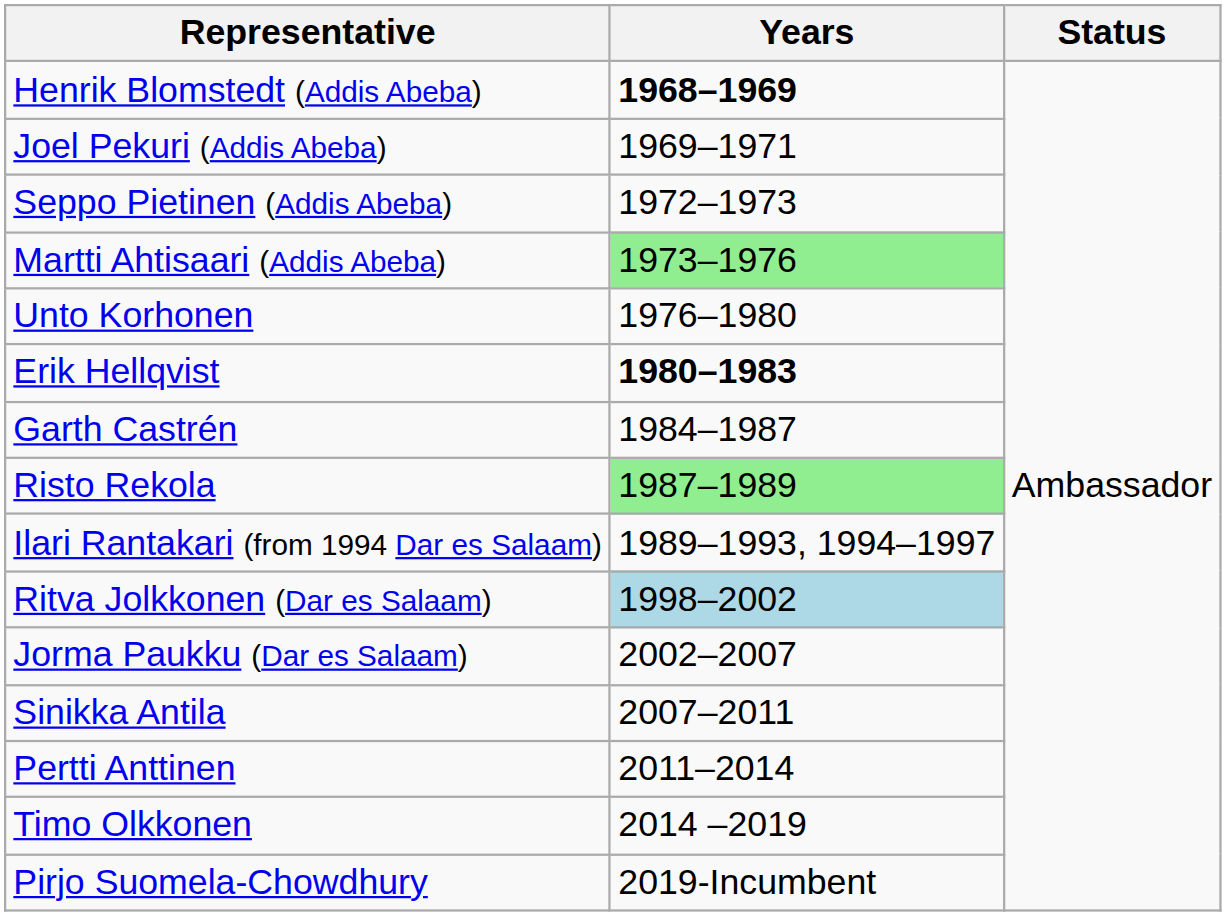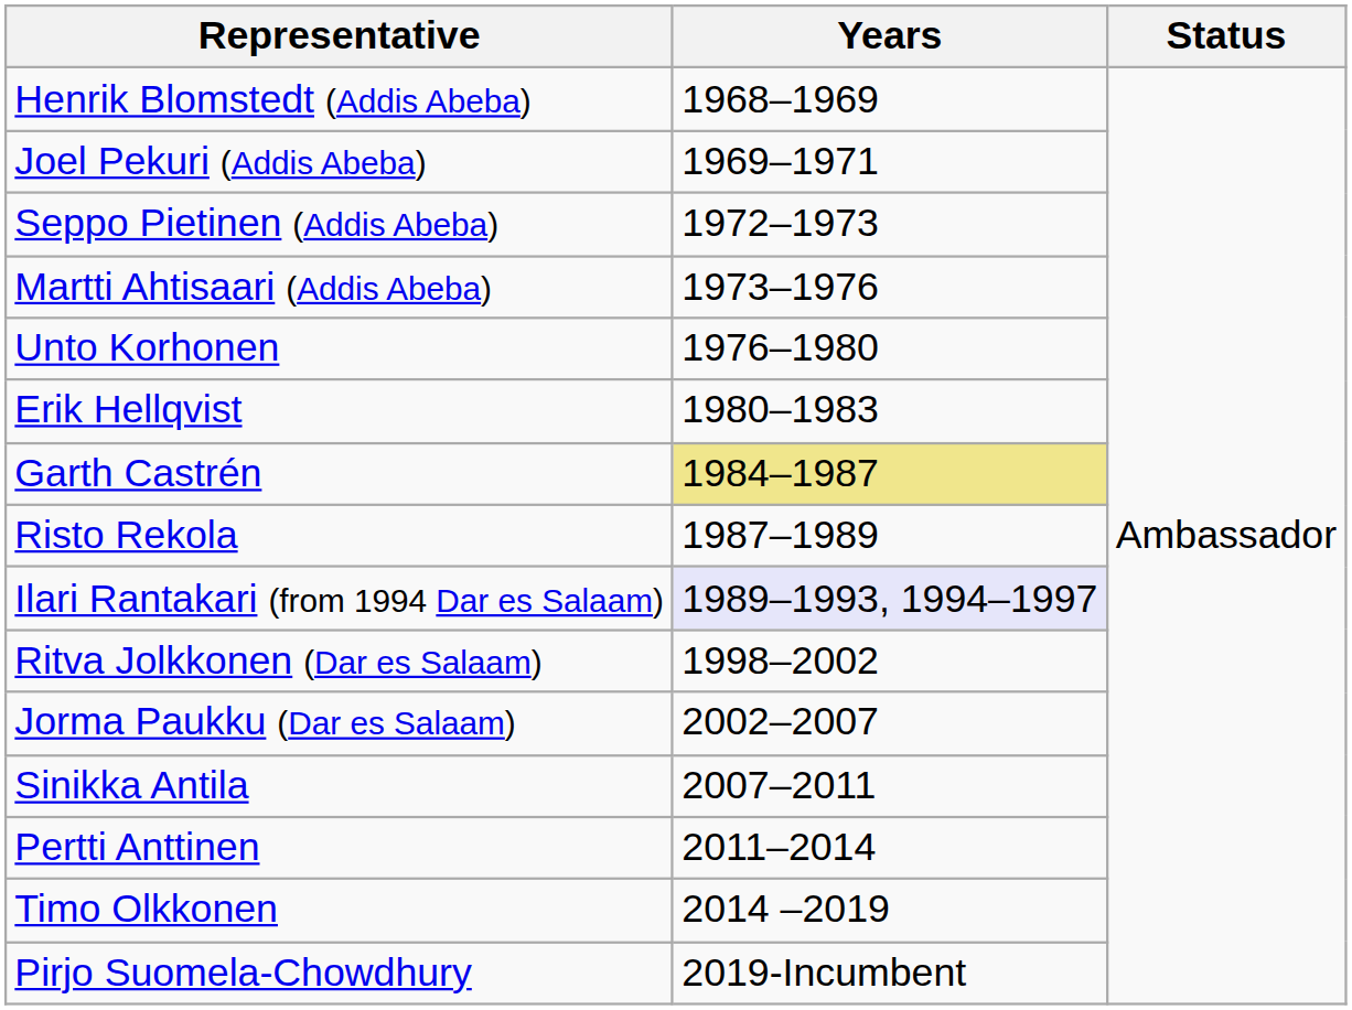 <table class="wikitable sortable">
 <tr>
 <th>Representative</th>
 <th>Years</th>
 <th>Status</th>
 </tr>
 <tr>
 <td><a href='#'>Henrik Blomstedt</a> <small>(<a href='#'>Addis Abeba</a>)</small></td>
-<td><strong>1968–1969</strong></td>
+<td>1968–1969</td>
 <td rowspan="15">Ambassador</td>
 </tr>
 <tr>
 <td><a href='#'>Joel Pekuri</a> <small>(<a href='#'>Addis Abeba</a>)</small></td>
 <td>1969–1971</td>
 </tr>
 <tr>
 <td><a href='#'>Seppo Pietinen</a> <small>(<a href='#'>Addis Abeba</a>)</small></td>
 <td>1972–1973</td>
 </tr>
 <tr>
 <td><a href='#'>Martti Ahtisaari</a> <small>(<a href='#'>Addis Abeba</a>)</small></td>
-<td style="background: lightgreen;">1973–1976</td>
+<td>1973–1976</td>
 </tr>
 <tr>
 <td><a href='#'>Unto Korhonen</a></td>
 <td>1976–1980</td>
 </tr>
 <tr>
 <td><a href='#'>Erik Hellqvist</a></td>
-<td><strong>1980–1983</strong></td>
+<td>1980–1983</td>
 </tr>
 <tr>
 <td><a href='#'>Garth Castrén</a></td>
-<td>1984–1987</td>
+<td style="background: khaki;">1984–1987</td>
 </tr>
 <tr>
 <td><a href='#'>Risto Rekola</a></td>
-<td style="background: lightgreen;">1987–1989</td>
+<td>1987–1989</td>
 </tr>
 <tr>
 <td><a href='#'>Ilari Rantakari</a> <small>(from 1994 <a href='#'>Dar es Salaam</a>)</small></td>
-<td>1989–1993, 1994–1997</td>
+<td style="background: lavender;">1989–1993, 1994–1997</td>
 </tr>
 <tr>
 <td><a href='#'>Ritva Jolkkonen</a> <small>(<a href='#'>Dar es Salaam</a>)</small></td>
-<td style="background: lightblue;">1998–2002</td>
+<td>1998–2002</td>
 </tr>
 <tr>
 <td><a href='#'>Jorma Paukku</a> <small>(<a href='#'>Dar es Salaam</a>)</small></td>
 <td>2002–2007</td>
 </tr>
 <tr>
 <td><a href='#'>Sinikka Antila</a></td>
 <td>2007–2011</td>
 </tr>
 <tr>
 <td><a href='#'>Pertti Anttinen</a></td>
 <td>2011–2014</td>
 </tr>
 <tr>
 <td><a href='#'>Timo Olkkonen</a></td>
 <td>2014 –2019</td>
 </tr>
 <tr>
 <td><a href='#'>Pirjo Suomela-Chowdhury</a></td>
 <td>2019-Incumbent</td>
 </tr>
 </table>
